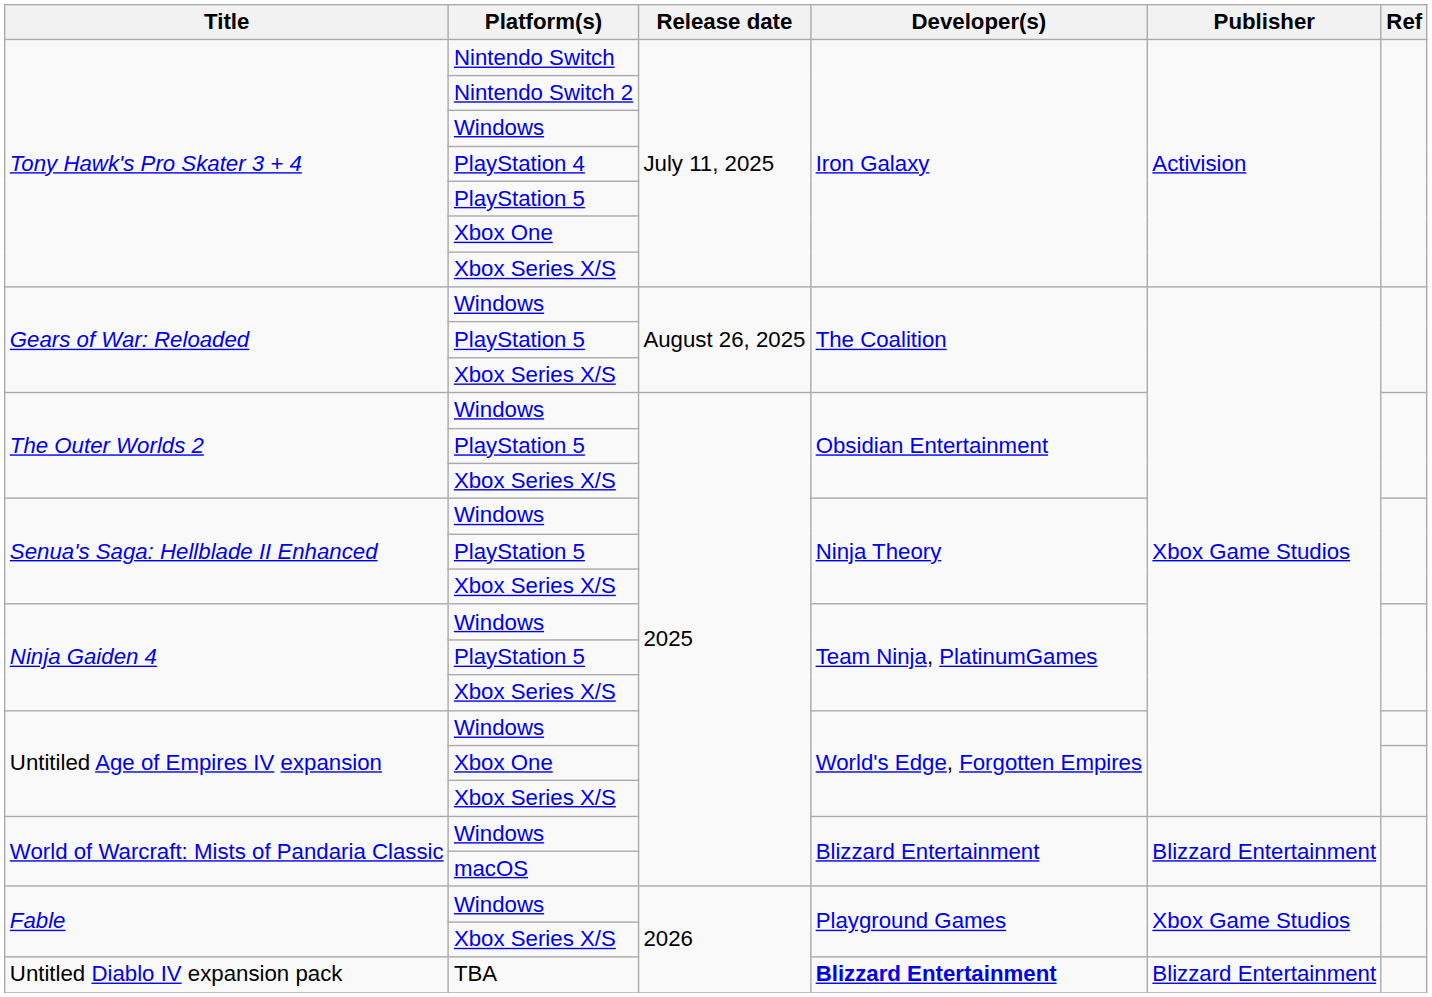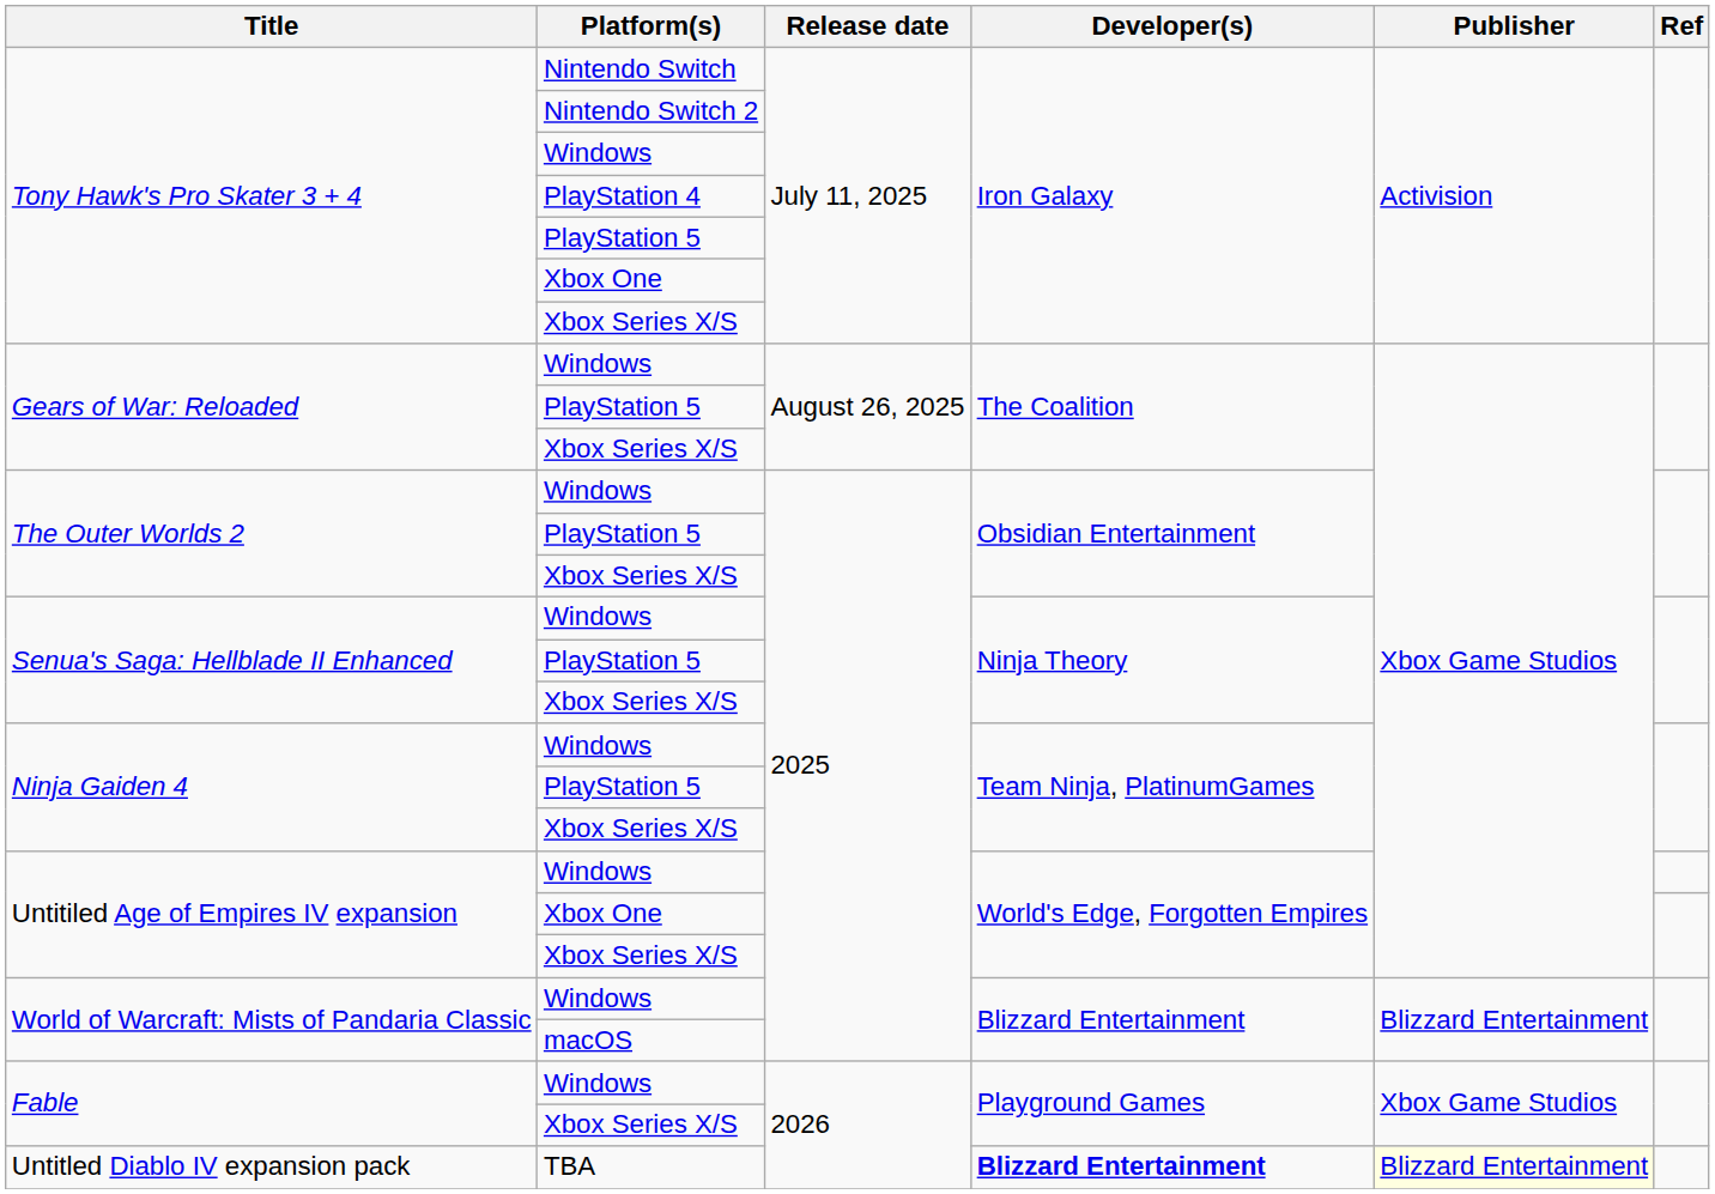 <table class="wikitable sortable">
 <tr>
 <th>Title</th>
 <th>Platform(s)</th>
 <th>Release date</th>
 <th>Developer(s)</th>
 <th>Publisher</th>
 <th>Ref</th>
 </tr>
 <tr>
 <td rowspan="7"><em><a href='#'>Tony Hawk's Pro Skater 3 + 4</a></em></td>
 <td><a href='#'>Nintendo Switch</a></td>
 <td rowspan="7">July 11, 2025</td>
 <td rowspan="7"><a href='#'>Iron Galaxy</a></td>
 <td rowspan="7"><a href='#'>Activision</a></td>
 <td rowspan="7"></td>
 </tr>
 <tr>
 <td><a href='#'>Nintendo Switch 2</a></td>
 </tr>
 <tr>
 <td><a href='#'>Windows</a></td>
 </tr>
 <tr>
 <td><a href='#'>PlayStation 4</a></td>
 </tr>
 <tr>
 <td><a href='#'>PlayStation 5</a></td>
 </tr>
 <tr>
 <td><a href='#'>Xbox One</a></td>
 </tr>
 <tr>
 <td><a href='#'>Xbox Series X/S</a></td>
 </tr>
 <tr>
 <td rowspan="3"><a href='#'><em>Gears of War: Reloaded</em></a></td>
 <td><a href='#'>Windows</a></td>
 <td rowspan="3">August 26, 2025</td>
 <td rowspan="3"><a href='#'>The Coalition</a></td>
 <td rowspan="15"><a href='#'>Xbox Game Studios</a></td>
 <td rowspan="3"></td>
 </tr>
 <tr>
 <td><a href='#'>PlayStation 5</a></td>
 </tr>
 <tr>
 <td><a href='#'>Xbox Series X/S</a></td>
 </tr>
 <tr>
 <td rowspan="3"><em><a href='#'>The Outer Worlds 2</a></em></td>
 <td><a href='#'>Windows</a></td>
 <td rowspan="14">2025</td>
 <td rowspan="3"><a href='#'>Obsidian Entertainment</a></td>
 <td rowspan="3"></td>
 </tr>
 <tr>
 <td><a href='#'>PlayStation 5</a></td>
 </tr>
 <tr>
 <td><a href='#'>Xbox Series X/S</a></td>
 </tr>
 <tr>
 <td rowspan="3"><em><a href='#'>Senua's Saga: Hellblade II Enhanced</a></em></td>
 <td><a href='#'>Windows</a></td>
 <td rowspan="3"><a href='#'>Ninja Theory</a></td>
 <td rowspan="3"></td>
 </tr>
 <tr>
 <td><a href='#'>PlayStation 5</a></td>
 </tr>
 <tr>
 <td><a href='#'>Xbox Series X/S</a></td>
 </tr>
 <tr>
 <td rowspan="3"><em><a href='#'>Ninja Gaiden 4</a></em></td>
 <td><a href='#'>Windows</a></td>
 <td rowspan="3"><a href='#'>Team Ninja</a>, <a href='#'>PlatinumGames</a></td>
 <td rowspan="3"></td>
 </tr>
 <tr>
 <td><a href='#'>PlayStation 5</a></td>
 </tr>
 <tr>
 <td><a href='#'>Xbox Series X/S</a></td>
 </tr>
 <tr>
 <td rowspan="3">Untitiled <a href='#'>Age of Empires IV</a> <a href='#'>expansion</a></td>
 <td><a href='#'>Windows</a></td>
 <td rowspan="3"><a href='#'>World's Edge</a>, <a href='#'>Forgotten Empires</a></td>
 <td></td>
 </tr>
 <tr>
 <td><a href='#'>Xbox One</a></td>
 <td rowspan="2"></td>
 </tr>
 <tr>
 <td><a href='#'>Xbox Series X/S</a></td>
 </tr>
 <tr>
 <td rowspan="2"><a href='#'>World of Warcraft: Mists of Pandaria Classic</a></td>
 <td><a href='#'>Windows</a></td>
 <td rowspan="2"><a href='#'>Blizzard Entertainment</a></td>
 <td rowspan="2"><a href='#'>Blizzard Entertainment</a></td>
 <td rowspan="2"></td>
 </tr>
 <tr>
 <td><a href='#'>macOS</a></td>
 </tr>
 <tr>
 <td rowspan="2"><em><a href='#'>Fable</a></em></td>
 <td><a href='#'>Windows</a></td>
 <td rowspan="3">2026</td>
 <td rowspan="2"><a href='#'>Playground Games</a></td>
 <td rowspan="2"><a href='#'>Xbox Game Studios</a></td>
 <td rowspan="2"></td>
 </tr>
 <tr>
 <td><a href='#'>Xbox Series X/S</a></td>
 </tr>
 <tr>
 <td>Untitled <a href='#'>Diablo IV</a> expansion pack</td>
 <td>TBA</td>
 <td><strong><a href='#'>Blizzard Entertainment</a></strong></td>
-<td><a href='#'>Blizzard Entertainment</a></td>
+<td style="background: lightyellow;"><a href='#'>Blizzard Entertainment</a></td>
 <td></td>
 </tr>
 </table>
